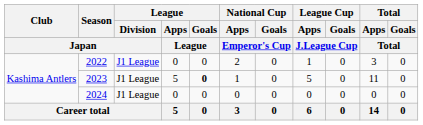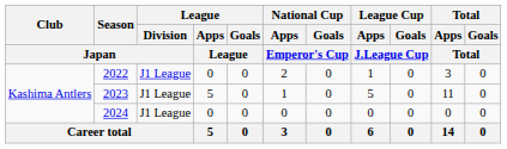 <table class="wikitable" style="text-align: center">
 <tr>
 <th rowspan="2">Club</th>
 <th rowspan="2">Season</th>
 <th colspan="3">League</th>
 <th colspan="2">National Cup</th>
 <th colspan="2">League Cup</th>
 <th colspan="2">Total</th>
 </tr>
 <tr>
 <th>Division</th>
 <th>Apps</th>
 <th>Goals</th>
 <th>Apps</th>
 <th>Goals</th>
 <th>Apps</th>
 <th>Goals</th>
 <th>Apps</th>
 <th>Goals</th>
 </tr>
 <tr>
 <th colspan=3>Japan</th>
 <th colspan=2>League</th>
 <th colspan=2><a href='#'>Emperor's Cup</a></th>
 <th colspan=2><a href='#'>J.League Cup</a></th>
 <th colspan=2>Total</th>
 </tr>
 <tr>
 <td rowspan="3"><a href='#'>Kashima Antlers</a></td>
 <td><a href='#'>2022</a></td>
 <td><a href='#'>J1 League</a></td>
 <td>0</td>
 <td>0</td>
 <td>2</td>
 <td>0</td>
 <td>1</td>
 <td>0</td>
 <td>3</td>
 <td>0</td>
 </tr>
 <tr>
 <td><a href='#'>2023</a></td>
 <td>J1 League</td>
 <td>5</td>
-<td><strong>0</strong></td>
+<td>0</td>
 <td>1</td>
 <td>0</td>
 <td>5</td>
 <td>0</td>
 <td>11</td>
 <td>0</td>
 </tr>
 <tr>
 <td><a href='#'>2024</a></td>
 <td>J1 League</td>
 <td>0</td>
 <td>0</td>
 <td>0</td>
 <td>0</td>
 <td>0</td>
 <td>0</td>
 <td>0</td>
 <td>0</td>
 </tr>
 <tr>
 <th colspan=3>Career total</th>
 <th>5</th>
 <th>0</th>
 <th>3</th>
 <th>0</th>
 <th>6</th>
 <th>0</th>
 <th>14</th>
 <th>0</th>
 </tr>
 </table>
